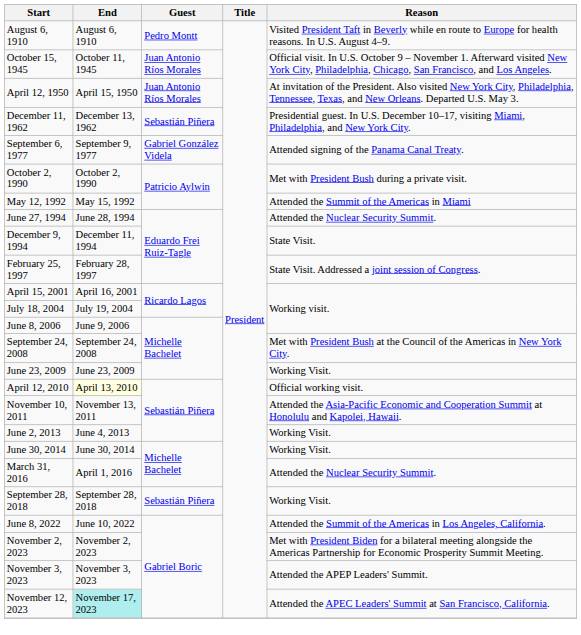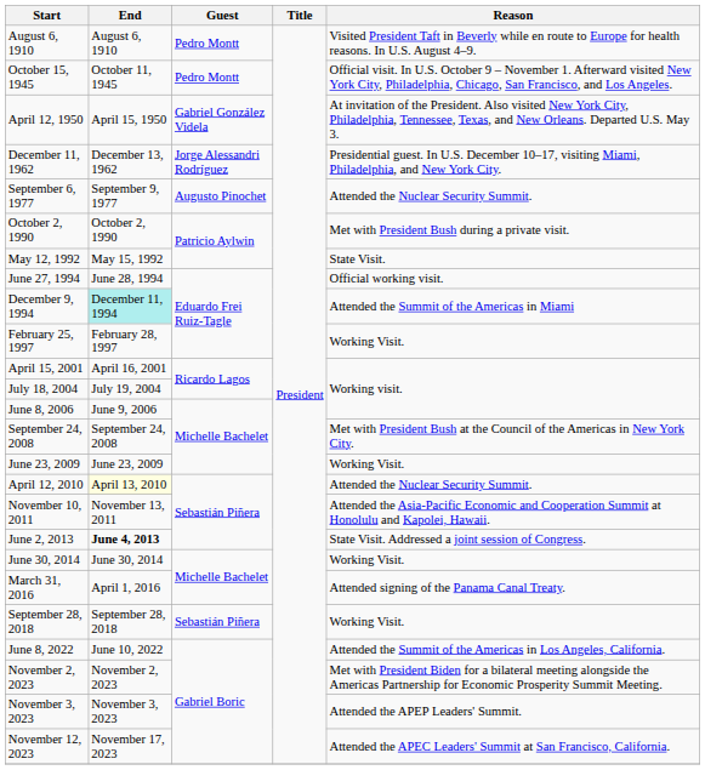 <table class="wikitable sortable">
 <tr>
 <th>Start</th>
 <th>End</th>
 <th>Guest</th>
 <th>Title</th>
 <th>Reason</th>
 </tr>
 <tr>
 <td>August 6, 1910</td>
 <td>August 6, 1910</td>
 <td><a href='#'>Pedro Montt</a></td>
 <td rowspan=25><a href='#'>President</a></td>
 <td>Visited <a href='#'>President Taft</a> in <a href='#'>Beverly</a> while en route to <a href='#'>Europe</a> for health reasons. In U.S. August 4–9.</td>
 </tr>
 <tr>
 <td>October 15, 1945</td>
 <td>October 11, 1945</td>
-<td><a href='#'>Juan Antonio Ríos Morales</a></td>
+<td><a href='#'>Pedro Montt</a></td>
 <td>Official visit. In U.S. October 9 – November 1. Afterward visited <a href='#'>New York City</a>, <a href='#'>Philadelphia</a>, <a href='#'>Chicago</a>, <a href='#'>San Francisco</a>, and <a href='#'>Los Angeles</a>.</td>
 </tr>
 <tr>
 <td>April 12, 1950</td>
 <td>April 15, 1950</td>
-<td><a href='#'>Juan Antonio Ríos Morales</a></td>
+<td><a href='#'>Gabriel González Videla</a></td>
 <td>At invitation of the President. Also visited <a href='#'>New York City</a>, <a href='#'>Philadelphia</a>, <a href='#'>Tennessee</a>, <a href='#'>Texas</a>, and <a href='#'>New Orleans</a>. Departed U.S. May 3.</td>
 </tr>
 <tr>
 <td>December 11, 1962</td>
 <td>December 13, 1962</td>
-<td><a href='#'>Sebastián Piñera</a></td>
+<td><a href='#'>Jorge Alessandri Rodríguez</a></td>
 <td>Presidential guest. In U.S. December 10–17, visiting <a href='#'>Miami</a>, <a href='#'>Philadelphia</a>, and <a href='#'>New York City</a>.</td>
 </tr>
 <tr>
 <td>September 6, 1977</td>
 <td>September 9, 1977</td>
-<td><a href='#'>Gabriel González Videla</a></td>
-<td>Attended signing of the <a href='#'>Panama Canal Treaty</a>.</td>
+<td><a href='#'>Augusto Pinochet</a></td>
+<td>Attended the <a href='#'>Nuclear Security Summit</a>.</td>
 </tr>
 <tr>
 <td>October 2, 1990</td>
 <td>October 2, 1990</td>
 <td rowspan=2><a href='#'>Patricio Aylwin</a></td>
 <td>Met with <a href='#'>President Bush</a> during a private visit.</td>
 </tr>
 <tr>
 <td>May 12, 1992</td>
 <td>May 15, 1992</td>
-<td>Attended the <a href='#'>Summit of the Americas</a> in <a href='#'>Miami</a></td>
+<td>State Visit.</td>
 </tr>
 <tr>
 <td>June 27, 1994</td>
 <td>June 28, 1994</td>
 <td rowspan=3><a href='#'>Eduardo Frei Ruiz-Tagle</a></td>
-<td>Attended the <a href='#'>Nuclear Security Summit</a>.</td>
+<td>Official working visit.</td>
 </tr>
 <tr>
 <td>December 9, 1994</td>
-<td>December 11, 1994</td>
-<td>State Visit.</td>
+<td style="background: paleturquoise;">December 11, 1994</td>
+<td>Attended the <a href='#'>Summit of the Americas</a> in <a href='#'>Miami</a></td>
 </tr>
 <tr>
 <td>February 25, 1997</td>
 <td>February 28, 1997</td>
-<td>State Visit. Addressed a <a href='#'>joint session of Congress</a>.</td>
+<td>Working Visit.</td>
 </tr>
 <tr>
 <td>April 15, 2001</td>
 <td>April 16, 2001</td>
 <td rowspan=2><a href='#'>Ricardo Lagos</a></td>
 <td rowspan=3>Working visit.</td>
 </tr>
 <tr>
 <td>July 18, 2004</td>
 <td>July 19, 2004</td>
 </tr>
 <tr>
 <td>June 8, 2006</td>
 <td>June 9, 2006</td>
 <td rowspan=3><a href='#'>Michelle Bachelet</a></td>
 </tr>
 <tr>
 <td>September 24, 2008</td>
 <td>September 24, 2008</td>
 <td>Met with <a href='#'>President Bush</a> at the Council of the Americas in <a href='#'>New York City</a>.</td>
 </tr>
 <tr>
 <td>June 23, 2009</td>
 <td>June 23, 2009</td>
 <td>Working Visit.</td>
 </tr>
 <tr>
 <td>April 12, 2010</td>
 <td style="background: lightyellow;">April 13, 2010</td>
 <td rowspan=3><a href='#'>Sebastián Piñera</a></td>
-<td>Official working visit.</td>
+<td>Attended the <a href='#'>Nuclear Security Summit</a>.</td>
 </tr>
 <tr>
 <td>November 10, 2011</td>
 <td>November 13, 2011</td>
 <td>Attended the <a href='#'>Asia-Pacific Economic and Cooperation Summit</a> at <a href='#'>Honolulu</a> and <a href='#'>Kapolei, Hawaii</a>.</td>
 </tr>
 <tr>
 <td>June 2, 2013</td>
-<td>June 4, 2013</td>
-<td>Working Visit.</td>
+<td><strong>June 4, 2013</strong></td>
+<td>State Visit. Addressed a <a href='#'>joint session of Congress</a>.</td>
 </tr>
 <tr>
 <td>June 30, 2014</td>
 <td>June 30, 2014</td>
 <td rowspan=2><a href='#'>Michelle Bachelet</a></td>
 <td>Working Visit.</td>
 </tr>
 <tr>
 <td>March 31, 2016</td>
 <td>April 1, 2016</td>
-<td>Attended the <a href='#'>Nuclear Security Summit</a>.</td>
+<td>Attended signing of the <a href='#'>Panama Canal Treaty</a>.</td>
 </tr>
 <tr>
 <td>September 28, 2018</td>
 <td>September 28, 2018</td>
 <td><a href='#'>Sebastián Piñera</a></td>
 <td>Working Visit.</td>
 </tr>
 <tr>
 <td>June 8, 2022</td>
 <td>June 10, 2022</td>
 <td rowspan=4><a href='#'>Gabriel Boric</a></td>
 <td>Attended the <a href='#'>Summit of the Americas</a> in <a href='#'>Los Angeles, California</a>.</td>
 </tr>
 <tr>
 <td>November 2, 2023</td>
 <td>November 2, 2023</td>
 <td>Met with <a href='#'>President Biden</a> for a bilateral meeting alongside the Americas Partnership for Economic Prosperity Summit Meeting.</td>
 </tr>
 <tr>
 <td>November 3, 2023</td>
 <td>November 3, 2023</td>
 <td>Attended the APEP Leaders' Summit.</td>
 </tr>
 <tr>
 <td>November 12, 2023</td>
-<td style="background: paleturquoise;">November 17, 2023</td>
+<td>November 17, 2023</td>
 <td>Attended the <a href='#'>APEC Leaders' Summit</a> at <a href='#'>San Francisco, California</a>.</td>
 </tr>
 <tr>
 </tr>
 </table>
